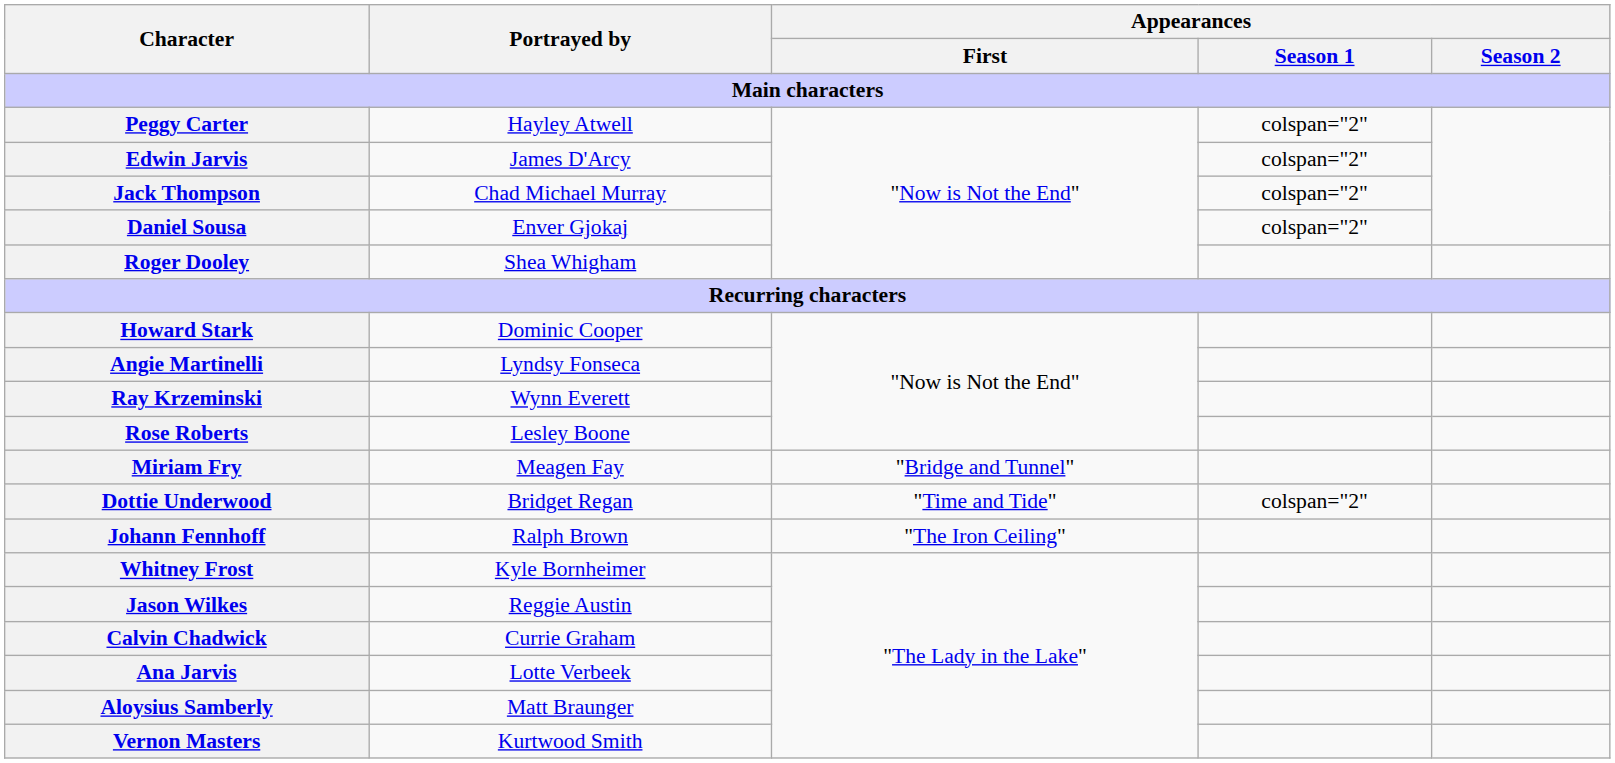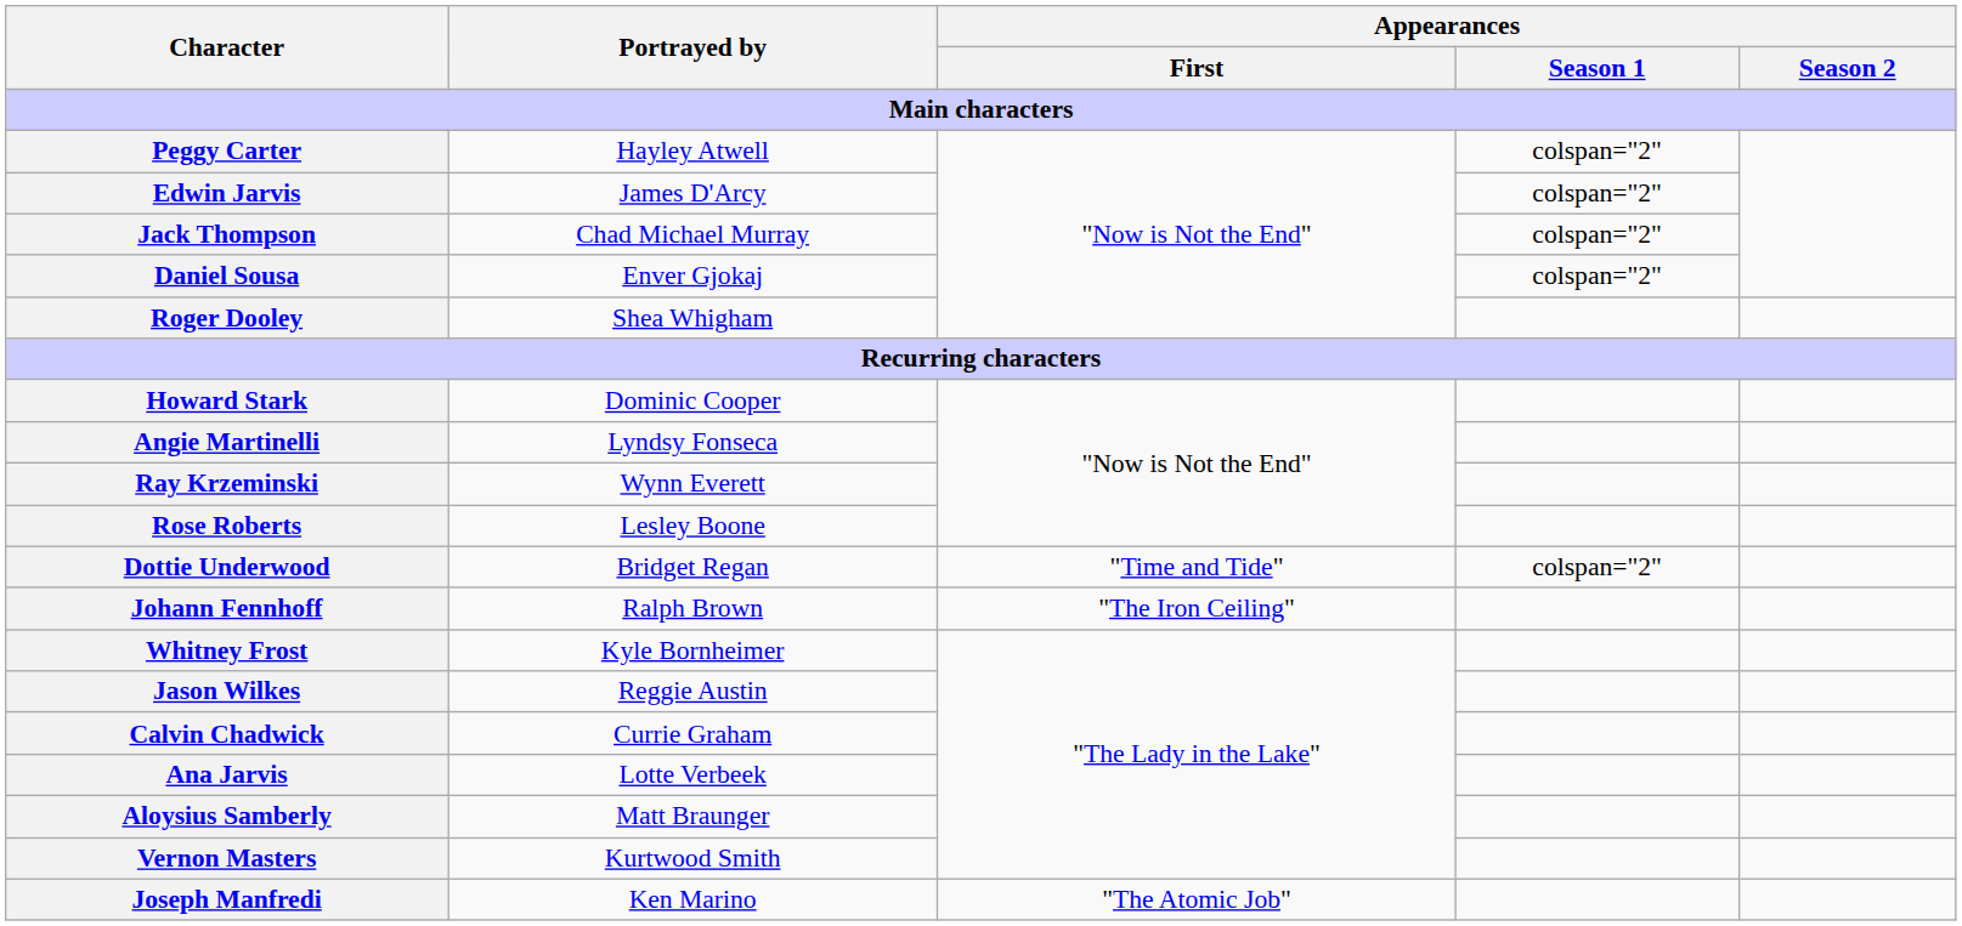 <table class="wikitable" style="text-align: center; width: 60%;">
 <tr>
 <th scope="col" rowspan="2">Character</th>
 <th scope="col" rowspan="2">Portrayed by</th>
 <th scope="col" colspan="3">Appearances</th>
 </tr>
 <tr>
 <th scope="col">First</th>
 <th scope="col"><a href='#'>Season 1</a></th>
 <th scope="col"><a href='#'>Season 2</a></th>
 </tr>
 <tr>
 <th colspan="5" style="background-color: #ccccff;">Main characters</th>
 </tr>
 <tr>
 <th scope="row"><a href='#'>Peggy Carter</a></th>
 <td><a href='#'>Hayley Atwell</a></td>
 <td rowspan="5">"<a href='#'>Now is Not the End</a>"</td>
 <td>colspan="2" </td>
 </tr>
 <tr>
 <th scope="row"><a href='#'>Edwin Jarvis</a></th>
 <td><a href='#'>James D'Arcy</a></td>
 <td>colspan="2" </td>
 </tr>
 <tr>
 <th scope="row"><a href='#'>Jack Thompson</a></th>
 <td><a href='#'>Chad Michael Murray</a></td>
 <td>colspan="2" </td>
 </tr>
 <tr>
 <th scope="row"><a href='#'>Daniel Sousa</a></th>
 <td><a href='#'>Enver Gjokaj</a></td>
 <td>colspan="2" </td>
 </tr>
 <tr>
 <th scope="row"><a href='#'>Roger Dooley</a></th>
 <td><a href='#'>Shea Whigham</a></td>
 <td></td>
 <td></td>
 </tr>
 <tr>
 <th colspan="5" style="background-color: #ccccff;">Recurring characters</th>
 </tr>
 <tr>
 <th scope="row"><a href='#'>Howard Stark</a></th>
 <td><a href='#'>Dominic Cooper</a></td>
 <td rowspan="4">"Now is Not the End"</td>
 <td></td>
 <td></td>
 </tr>
 <tr>
 <th scope="row"><a href='#'>Angie Martinelli</a></th>
 <td><a href='#'>Lyndsy Fonseca</a></td>
 <td></td>
 <td></td>
 </tr>
 <tr>
 <th scope="row"><a href='#'>Ray Krzeminski</a></th>
 <td><a href='#'>Wynn Everett</a></td>
 <td></td>
 <td></td>
 </tr>
 <tr>
 <th scope="row"><a href='#'>Rose Roberts</a></th>
 <td><a href='#'>Lesley Boone</a></td>
 <td></td>
 <td></td>
 </tr>
 <tr>
-<th scope="row"><a href='#'>Miriam Fry</a></th>
-<td><a href='#'>Meagen Fay</a></td>
-<td>"<a href='#'>Bridge and Tunnel</a>"</td>
-<td></td>
-<td></td>
-</tr>
-<tr>
 <th scope="row"><a href='#'>Dottie Underwood</a></th>
 <td><a href='#'>Bridget Regan</a></td>
 <td>"<a href='#'>Time and Tide</a>"</td>
 <td>colspan="2" </td>
 </tr>
 <tr>
 <th scope="row"><a href='#'>Johann Fennhoff</a></th>
 <td><a href='#'>Ralph Brown</a></td>
 <td>"<a href='#'>The Iron Ceiling</a>"</td>
 <td></td>
 <td></td>
 </tr>
 <tr>
 <th scope="row"><a href='#'>Whitney Frost</a></th>
 <td colspan="1"><a href='#'>Kyle Bornheimer</a></td>
 <td rowspan="6">"<a href='#'>The Lady in the Lake</a>"</td>
 <td></td>
 <td></td>
 </tr>
 <tr>
 <th scope="row"><a href='#'>Jason Wilkes</a></th>
 <td><a href='#'>Reggie Austin</a></td>
 <td></td>
 <td></td>
 </tr>
 <tr>
 <th scope="row"><a href='#'>Calvin Chadwick</a></th>
 <td><a href='#'>Currie Graham</a></td>
 <td></td>
 <td></td>
 </tr>
 <tr>
 <th scope="row"><a href='#'>Ana Jarvis</a></th>
 <td><a href='#'>Lotte Verbeek</a></td>
 <td></td>
 <td></td>
 </tr>
 <tr>
 <th scope="row"><a href='#'>Aloysius Samberly</a></th>
 <td><a href='#'>Matt Braunger</a></td>
 <td></td>
 <td></td>
 </tr>
 <tr>
 <th scope="row"><a href='#'>Vernon Masters</a></th>
 <td><a href='#'>Kurtwood Smith</a></td>
 <td></td>
 <td></td>
 </tr>
+<tr>
+<th scope="row"><a href='#'>Joseph Manfredi</a></th>
+<td><a href='#'>Ken Marino</a></td>
+<td>"<a href='#'>The Atomic Job</a>"</td>
+<td></td>
+<td></td>
+</tr>
 </table>
